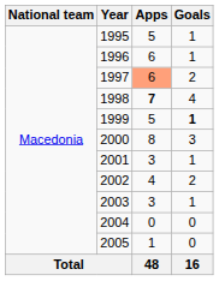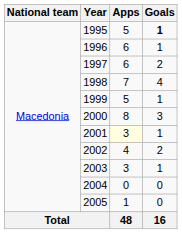 <table class="wikitable" style="text-align:center">
 <tr>
 <th>National team</th>
 <th>Year</th>
 <th>Apps</th>
 <th>Goals</th>
 </tr>
 <tr>
 <td rowspan="11"><a href='#'>Macedonia</a></td>
 <td>1995</td>
 <td>5</td>
-<td>1</td>
+<td><strong>1</strong></td>
 </tr>
 <tr>
 <td>1996</td>
 <td>6</td>
 <td>1</td>
 </tr>
 <tr>
 <td>1997</td>
-<td style="background: lightsalmon;">6</td>
+<td>6</td>
 <td>2</td>
 </tr>
 <tr>
 <td>1998</td>
-<td><strong>7</strong></td>
+<td>7</td>
 <td>4</td>
 </tr>
 <tr>
 <td>1999</td>
 <td>5</td>
-<td><strong>1</strong></td>
+<td>1</td>
 </tr>
 <tr>
 <td>2000</td>
 <td>8</td>
 <td>3</td>
 </tr>
 <tr>
 <td>2001</td>
-<td>3</td>
+<td style="background: lightyellow;">3</td>
 <td>1</td>
 </tr>
 <tr>
 <td>2002</td>
 <td>4</td>
 <td>2</td>
 </tr>
 <tr>
 <td>2003</td>
 <td>3</td>
 <td>1</td>
 </tr>
 <tr>
 <td>2004</td>
 <td>0</td>
 <td>0</td>
 </tr>
 <tr>
 <td>2005</td>
 <td>1</td>
 <td>0</td>
 </tr>
 <tr>
 <th colspan="2">Total</th>
 <th>48</th>
 <th>16</th>
 </tr>
 </table>
